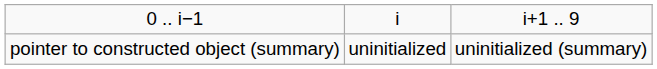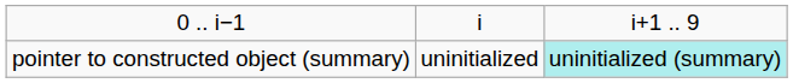 <table class="wikitable" style="margin:auto">
 <tr style="text-align: center">
 <td>0 .. i−1</td>
 <td>i</td>
 <td>i+1 .. 9</td>
 </tr>
 <tr>
 <td>pointer to constructed object (summary)</td>
 <td>uninitialized</td>
-<td>uninitialized (summary)</td>
+<td style="background: paleturquoise;">uninitialized (summary)</td>
 </tr>
 </table>
